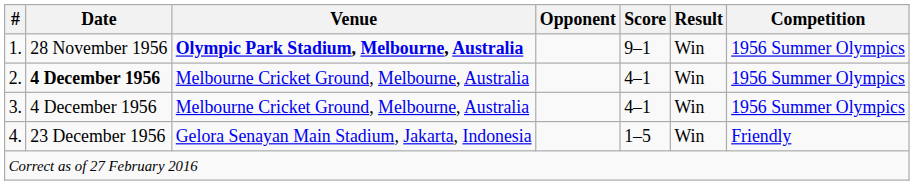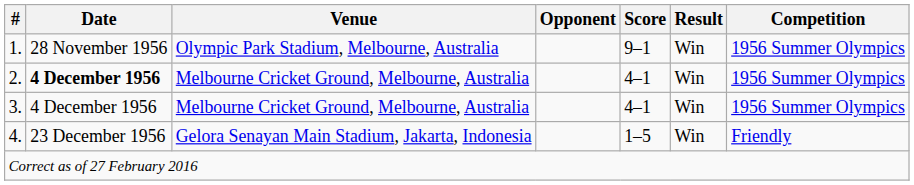 <table class="wikitable" style="font-size:95%;">
 <tr>
 <th>#</th>
 <th>Date</th>
 <th>Venue</th>
 <th>Opponent</th>
 <th>Score</th>
 <th>Result</th>
 <th>Competition</th>
 </tr>
 <tr>
 <td>1.</td>
 <td>28 November 1956</td>
-<td><strong><a href='#'>Olympic Park Stadium</a>, <a href='#'>Melbourne</a>, <a href='#'>Australia</a></strong></td>
+<td><a href='#'>Olympic Park Stadium</a>, <a href='#'>Melbourne</a>, <a href='#'>Australia</a></td>
 <td></td>
 <td>9–1</td>
 <td>Win</td>
 <td><a href='#'>1956 Summer Olympics</a></td>
 </tr>
 <tr>
 <td>2.</td>
 <td><strong>4 December 1956</strong></td>
 <td><a href='#'>Melbourne Cricket Ground</a>, <a href='#'>Melbourne</a>, <a href='#'>Australia</a></td>
 <td></td>
 <td>4–1</td>
 <td>Win</td>
 <td><a href='#'>1956 Summer Olympics</a></td>
 </tr>
 <tr>
 <td>3.</td>
 <td>4 December 1956</td>
 <td><a href='#'>Melbourne Cricket Ground</a>, <a href='#'>Melbourne</a>, <a href='#'>Australia</a></td>
 <td></td>
 <td>4–1</td>
 <td>Win</td>
 <td><a href='#'>1956 Summer Olympics</a></td>
 </tr>
 <tr>
 <td>4.</td>
 <td>23 December 1956</td>
 <td><a href='#'>Gelora Senayan Main Stadium</a>, <a href='#'>Jakarta</a>, <a href='#'>Indonesia</a></td>
 <td></td>
 <td>1–5</td>
 <td>Win</td>
 <td><a href='#'>Friendly</a></td>
 </tr>
 <tr>
 <td colspan="12"><small><em>Correct as of 27 February 2016</em></small></td>
 </tr>
 </table>
